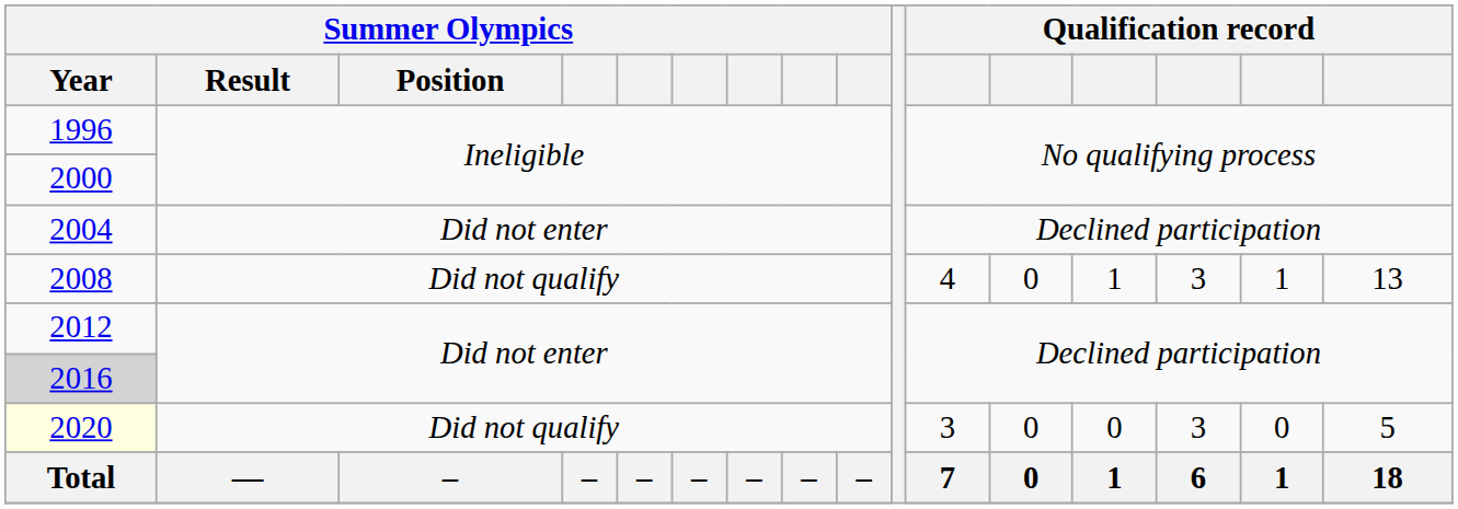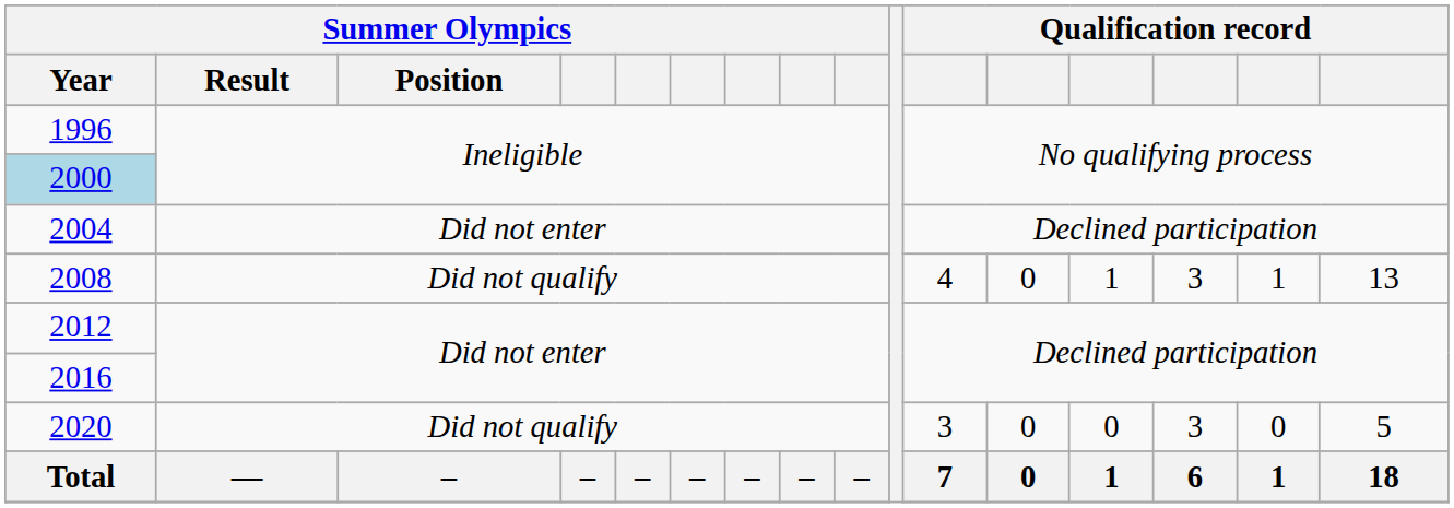 <table class="wikitable" style="text-align:center;">
 <tr>
 <th colspan="9"><a href='#'>Summer Olympics</a></th>
 <th width=1% rowspan=26></th>
 <th colspan="6">Qualification record</th>
 </tr>
 <tr>
 <th>Year</th>
 <th>Result</th>
 <th>Position</th>
 <th></th>
 <th></th>
 <th></th>
 <th></th>
 <th></th>
 <th></th>
 <th></th>
 <th></th>
 <th></th>
 <th></th>
 <th></th>
 <th></th>
 </tr>
 <tr>
 <td> <a href='#'>1996</a></td>
 <td rowspan="2" colspan="8"><em>Ineligible</em></td>
 <td rowspan="2" colspan="6"><em>No qualifying process</em></td>
 </tr>
 <tr>
-<td> <a href='#'>2000</a></td>
+<td style="background: lightblue;"> <a href='#'>2000</a></td>
 </tr>
 <tr>
 <td> <a href='#'>2004</a></td>
 <td colspan="8"><em>Did not enter</em></td>
 <td colspan="6"><em>Declined participation</em></td>
 </tr>
 <tr>
 <td> <a href='#'>2008</a></td>
 <td colspan="8"><em>Did not qualify</em></td>
 <td>4</td>
 <td>0</td>
 <td>1</td>
 <td>3</td>
 <td>1</td>
 <td>13</td>
 </tr>
 <tr>
 <td> <a href='#'>2012</a></td>
 <td rowspan="2" colspan="8"><em>Did not enter</em></td>
 <td rowspan="2" colspan="6"><em>Declined participation</em></td>
 </tr>
 <tr>
-<td style="background: lightgrey;"> <a href='#'>2016</a></td>
+<td> <a href='#'>2016</a></td>
 </tr>
 <tr>
-<td style="background: lightyellow;"> <a href='#'>2020</a></td>
+<td> <a href='#'>2020</a></td>
 <td colspan=8><em>Did not qualify</em></td>
 <td>3</td>
 <td>0</td>
 <td>0</td>
 <td>3</td>
 <td>0</td>
 <td>5</td>
 </tr>
 <tr>
 <th>Total</th>
 <th>—</th>
 <th>–</th>
 <th>–</th>
 <th>–</th>
 <th>–</th>
 <th>–</th>
 <th>–</th>
 <th>–</th>
 <th>7</th>
 <th>0</th>
 <th>1</th>
 <th>6</th>
 <th>1</th>
 <th>18</th>
 </tr>
 <tr>
 </tr>
 </table>
